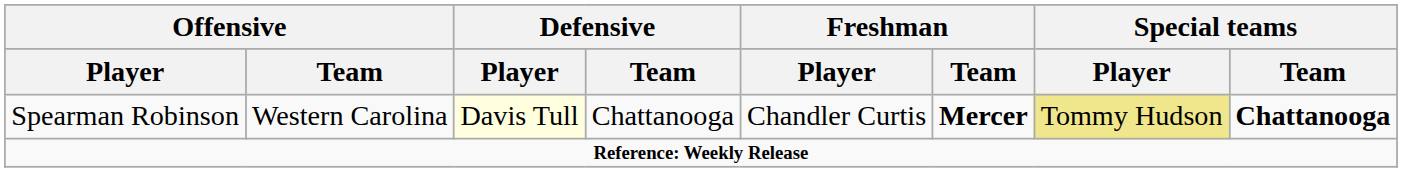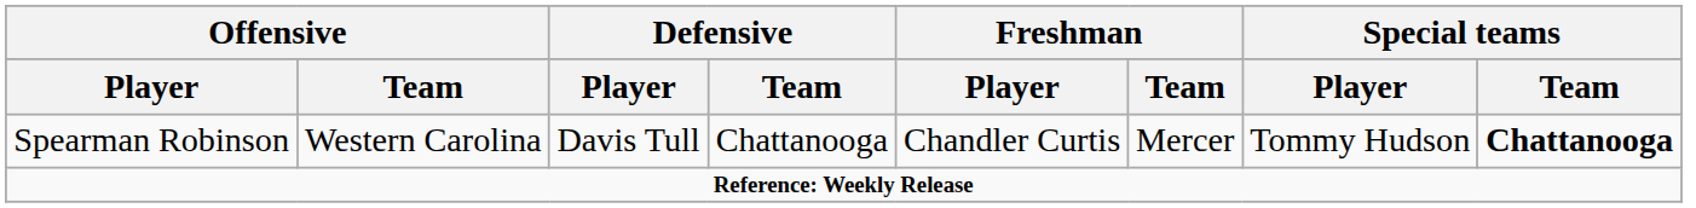 <table class="wikitable" border="1">
 <tr>
 <th colspan="2">Offensive</th>
 <th colspan="2">Defensive</th>
 <th colspan="2">Freshman</th>
 <th colspan="2">Special teams</th>
 </tr>
 <tr>
 <th>Player</th>
 <th>Team</th>
 <th>Player</th>
 <th>Team</th>
 <th>Player</th>
 <th>Team</th>
 <th>Player</th>
 <th>Team</th>
 </tr>
 <tr>
 <td>Spearman Robinson</td>
 <td>Western Carolina</td>
-<td style="background: lightyellow;">Davis Tull</td>
+<td>Davis Tull</td>
 <td>Chattanooga</td>
 <td>Chandler Curtis</td>
-<td><strong>Mercer</strong></td>
-<td style="background: khaki;">Tommy Hudson</td>
+<td>Mercer</td>
+<td>Tommy Hudson</td>
 <td><strong>Chattanooga</strong></td>
 </tr>
 <tr>
 <td colspan="8" style="font-size: 8pt" align="center"><strong>Reference: Weekly Release</strong></td>
 </tr>
 </table>
